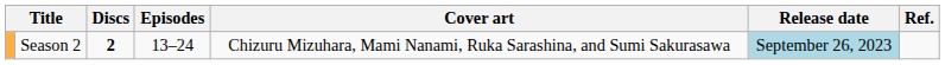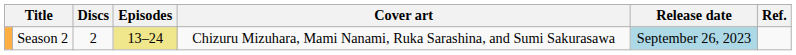 <table class="wikitable" style="text-align: center; width: 70%;">
 <tr>
 <th colspan="2">Title</th>
 <th>Discs</th>
 <th>Episodes</th>
 <th>Cover art</th>
 <th>Release date</th>
 <th>Ref.</th>
 </tr>
 <tr>
 <td rowspan="1" width="1%" style="background: #FFAE42;"></td>
 <td>Season 2</td>
-<td><strong>2</strong></td>
-<td>13–24</td>
+<td>2</td>
+<td style="background: khaki;">13–24</td>
 <td>Chizuru Mizuhara, Mami Nanami, Ruka Sarashina, and Sumi Sakurasawa</td>
 <td style="background: lightblue;">September 26, 2023</td>
 <td></td>
 </tr>
 </table>
